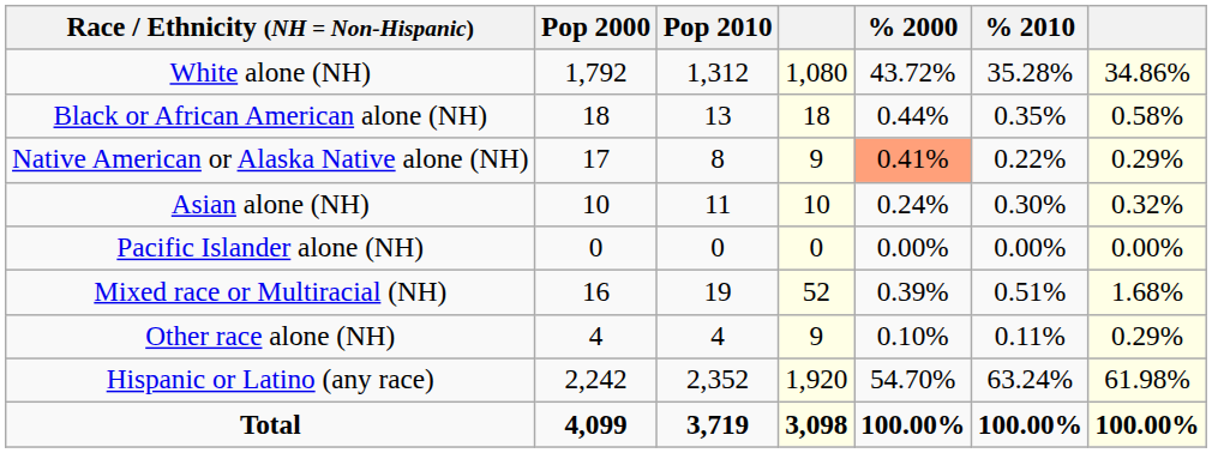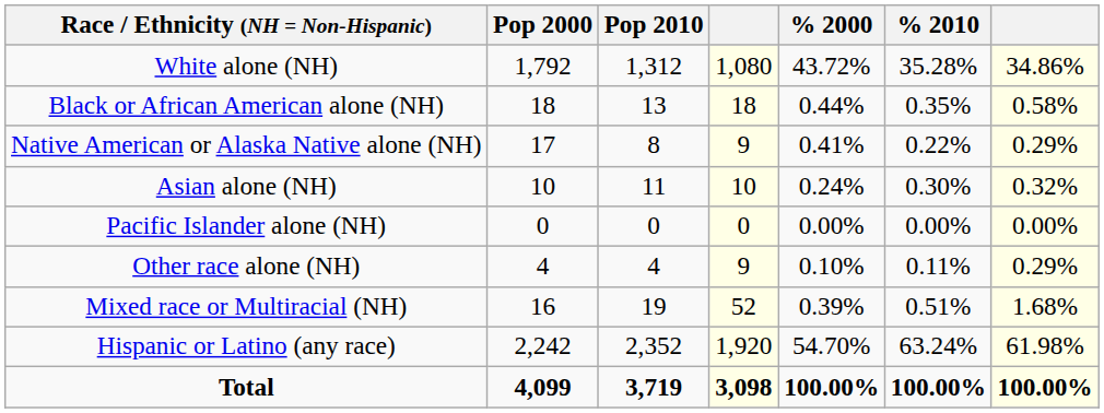 <table class="wikitable" style="text-align:center;">
 <tr>
 <th>Race / Ethnicity <small>(<em>NH = Non-Hispanic</em>)</small></th>
 <th>Pop 2000</th>
 <th>Pop 2010</th>
 <th></th>
 <th>% 2000</th>
 <th>% 2010</th>
 <th></th>
 </tr>
 <tr>
 <td><a href='#'>White</a> alone (NH)</td>
 <td>1,792</td>
 <td>1,312</td>
 <td style='background: #ffffe6;'>1,080</td>
 <td>43.72%</td>
 <td>35.28%</td>
 <td style='background: #ffffe6;'>34.86%</td>
 </tr>
 <tr>
 <td><a href='#'>Black or African American</a> alone (NH)</td>
 <td>18</td>
 <td>13</td>
 <td style='background: #ffffe6;'>18</td>
 <td>0.44%</td>
 <td>0.35%</td>
 <td style='background: #ffffe6;'>0.58%</td>
 </tr>
 <tr>
 <td><a href='#'>Native American</a> or <a href='#'>Alaska Native</a> alone (NH)</td>
 <td>17</td>
 <td>8</td>
 <td style='background: #ffffe6;'>9</td>
-<td style="background: lightsalmon;">0.41%</td>
+<td>0.41%</td>
 <td>0.22%</td>
 <td style='background: #ffffe6;'>0.29%</td>
 </tr>
 <tr>
 <td><a href='#'>Asian</a> alone (NH)</td>
 <td>10</td>
 <td>11</td>
 <td style='background: #ffffe6;'>10</td>
 <td>0.24%</td>
 <td>0.30%</td>
 <td style='background: #ffffe6;'>0.32%</td>
 </tr>
 <tr>
 <td><a href='#'>Pacific Islander</a> alone (NH)</td>
 <td>0</td>
 <td>0</td>
 <td style='background: #ffffe6;'>0</td>
 <td>0.00%</td>
 <td>0.00%</td>
 <td style='background: #ffffe6;'>0.00%</td>
 </tr>
 <tr>
+<td><a href='#'>Other race</a> alone (NH)</td>
+<td>4</td>
+<td>4</td>
+<td style='background: #ffffe6;'>9</td>
+<td>0.10%</td>
+<td>0.11%</td>
+<td style='background: #ffffe6;'>0.29%</td>
+</tr>
+<tr>
 <td><a href='#'>Mixed race or Multiracial</a> (NH)</td>
 <td>16</td>
 <td>19</td>
 <td style='background: #ffffe6;'>52</td>
 <td>0.39%</td>
 <td>0.51%</td>
 <td style='background: #ffffe6;'>1.68%</td>
-</tr>
-<tr>
-<td><a href='#'>Other race</a> alone (NH)</td>
-<td>4</td>
-<td>4</td>
-<td style='background: #ffffe6;'>9</td>
-<td>0.10%</td>
-<td>0.11%</td>
-<td style='background: #ffffe6;'>0.29%</td>
 </tr>
 <tr>
 <td><a href='#'>Hispanic or Latino</a> (any race)</td>
 <td>2,242</td>
 <td>2,352</td>
 <td style='background: #ffffe6;'>1,920</td>
 <td>54.70%</td>
 <td>63.24%</td>
 <td style='background: #ffffe6;'>61.98%</td>
 </tr>
 <tr>
 <td><strong>Total</strong></td>
 <td><strong>4,099</strong></td>
 <td><strong>3,719</strong></td>
 <td style='background: #ffffe6;'><strong>3,098</strong></td>
 <td><strong>100.00%</strong></td>
 <td><strong>100.00%</strong></td>
 <td style='background: #ffffe6;'><strong>100.00%</strong></td>
 </tr>
 </table>
